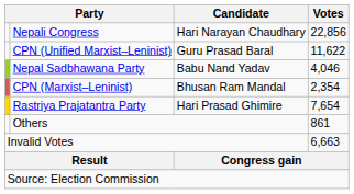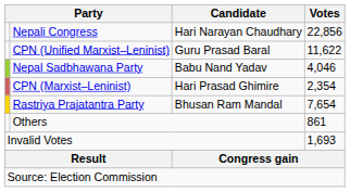 <table class="wikitable">
 <tr>
 <th colspan="2">Party</th>
 <th>Candidate</th>
 <th>Votes</th>
 </tr>
 <tr>
 <td style="background-color:"></td>
 <td><a href='#'>Nepali Congress</a></td>
 <td>Hari Narayan Chaudhary</td>
 <td>22,856</td>
 </tr>
 <tr>
 <td style="background-color:"></td>
 <td><a href='#'>CPN (Unified Marxist–Leninist)</a></td>
 <td>Guru Prasad Baral</td>
 <td>11,622</td>
 </tr>
 <tr>
 <td style="background-color:yellowgreen"></td>
 <td><a href='#'>Nepal Sadbhawana Party</a></td>
 <td>Babu Nand Yadav</td>
 <td>4,046</td>
 </tr>
 <tr>
 <td style="background-color:indianred"></td>
 <td><a href='#'>CPN (Marxist–Leninist)</a></td>
-<td>Bhusan Ram Mandal</td>
+<td>Hari Prasad Ghimire</td>
 <td>2,354</td>
 </tr>
 <tr>
 <td style="background-color:gold"></td>
 <td><a href='#'>Rastriya Prajatantra Party</a></td>
-<td>Hari Prasad Ghimire</td>
+<td>Bhusan Ram Mandal</td>
 <td>7,654</td>
 </tr>
 <tr>
 <td></td>
 <td colspan="2">Others</td>
 <td>861</td>
 </tr>
 <tr>
 <td colspan="3">Invalid Votes</td>
-<td>6,663</td>
+<td>1,693</td>
 </tr>
 <tr>
 <th colspan="2">Result</th>
 <th colspan="2">Congress gain</th>
 </tr>
 <tr>
 <td colspan="4">Source: Election Commission</td>
 </tr>
 </table>
